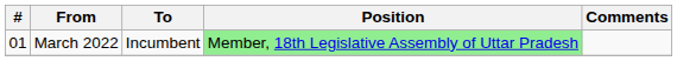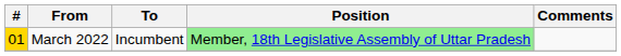 <table class="wikitable sortable">
 <tr>
 <th>#</th>
 <th>From</th>
 <th>To</th>
 <th>Position</th>
 <th>Comments</th>
 </tr>
 <tr>
-<td>01</td>
+<td style="background: gold;">01</td>
 <td>March 2022</td>
 <td>Incumbent</td>
 <td style="background: lightgreen;">Member, <a href='#'>18th Legislative Assembly of Uttar Pradesh</a></td>
 <td></td>
 </tr>
 <tr>
 </tr>
 </table>
